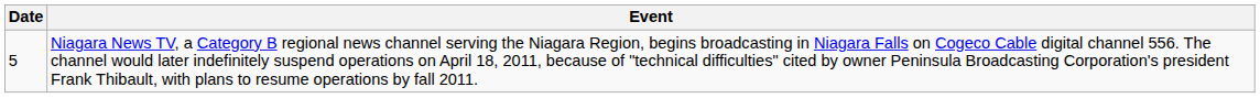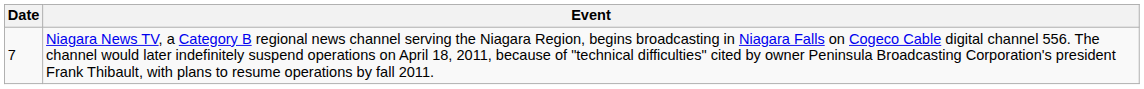 <table class="wikitable">
 <tr>
 <th>Date</th>
 <th>Event</th>
 </tr>
 <tr>
-<td>5</td>
+<td>7</td>
 <td><a href='#'>Niagara News TV</a>, a <a href='#'>Category B</a> regional news channel serving the Niagara Region, begins broadcasting in <a href='#'>Niagara Falls</a> on <a href='#'>Cogeco Cable</a> digital channel 556. The channel would later indefinitely suspend operations on April 18, 2011, because of "technical difficulties" cited by owner Peninsula Broadcasting Corporation's president Frank Thibault, with plans to resume operations by fall 2011.</td>
 </tr>
 </table>
